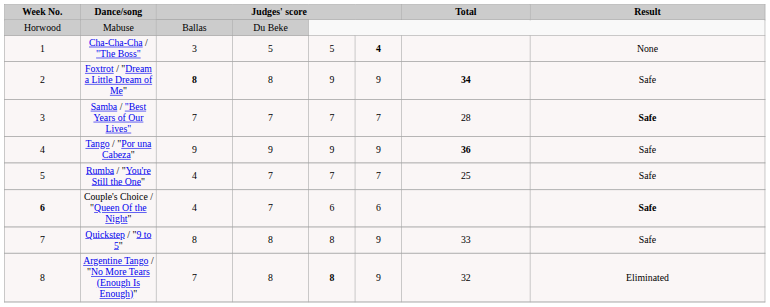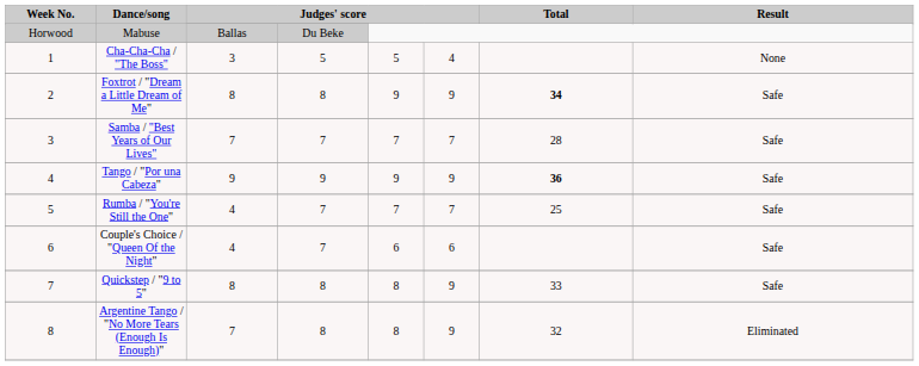 <table | class="wikitable collapsible collapsed">
 <tr>
 <td rowspan="2" bgcolor="CCCCCC" align="Center"><strong>Week No.</strong></td>
 <td rowspan="2" bgcolor="CCCCCC" align="Center"><strong>Dance/song</strong></td>
 <td colspan="4" bgcolor="CCCCCC" align="Center"><strong>Judges' score</strong></td>
 <td rowspan="2" bgcolor="CCCCCC" align="Center"><strong>Total</strong></td>
 <td rowspan="2" bgcolor="CCCCCC" align="Center"><strong>Result</strong></td>
 </tr>
 <tr>
 </tr>
 <tr>
 <td bgcolor="CCCCCC" width="10%" align="center">Horwood</td>
 <td bgcolor="CCCCCC" width="10%" align="center">Mabuse</td>
 <td bgcolor="CCCCCC" width="10%" align="center">Ballas</td>
 <td bgcolor="CCCCCC" width="10%" align="center">Du Beke</td>
 </tr>
 <tr>
 </tr>
 <tr>
 <td align="center" bgcolor="FAF6F6">1</td>
 <td align="center" bgcolor="FAF6F6"><a href='#'>Cha-Cha-Cha</a> / <a href='#'>"The Boss"</a></td>
 <td align="center" bgcolor="FAF6F6">3</td>
 <td align="center" bgcolor="FAF6F6">5</td>
 <td align="center" bgcolor="FAF6F6">5</td>
-<td align="center" bgcolor="FAF6F6"><strong>4</strong></td>
+<td align="center" bgcolor="FAF6F6">4</td>
 <td align="center" bgcolor="FAF6F6"></td>
 <td align="center" bgcolor="FAF6F6">None</td>
 </tr>
 <tr>
 </tr>
 <tr>
 <td align="center" bgcolor="FAF6F6">2</td>
 <td align="center" bgcolor="FAF6F6"><a href='#'>Foxtrot</a> / "<a href='#'>Dream a Little Dream of Me</a>"</td>
-<td align="center" bgcolor="FAF6F6"><strong>8</strong></td>
+<td align="center" bgcolor="FAF6F6">8</td>
 <td align="center" bgcolor="FAF6F6">8</td>
 <td align="center" bgcolor="FAF6F6">9</td>
 <td align="center" bgcolor="FAF6F6">9</td>
 <td align="center" bgcolor="FAF6F6"><span><strong>34</strong></span></td>
 <td align="center" bgcolor="FAF6F6">Safe</td>
 </tr>
 <tr>
 </tr>
 <tr>
 <td align="center" bgcolor="FAF6F6">3</td>
 <td align="center" bgcolor="FAF6F6"><a href='#'>Samba</a> / <a href='#'>"Best Years of Our Lives"</a></td>
 <td align="center" bgcolor="FAF6F6">7</td>
 <td align="center" bgcolor="FAF6F6">7</td>
 <td align="center" bgcolor="FAF6F6">7</td>
 <td align="center" bgcolor="FAF6F6">7</td>
 <td align="center" bgcolor="FAF6F6">28</td>
-<td align="center" bgcolor="FAF6F6"><strong>Safe</strong></td>
+<td align="center" bgcolor="FAF6F6">Safe</td>
 </tr>
 <tr>
 </tr>
 <tr>
 <td align="center" bgcolor="FAF6F6">4</td>
 <td align="center" bgcolor="FAF6F6"><a href='#'>Tango</a> / "<a href='#'>Por una Cabeza</a>"</td>
 <td align="center" bgcolor="FAF6F6">9</td>
 <td align="center" bgcolor="FAF6F6">9</td>
 <td align="center" bgcolor="FAF6F6">9</td>
 <td align="center" bgcolor="FAF6F6">9</td>
 <td align="center" bgcolor="FAF6F6"><span><strong>36</strong></span></td>
 <td align="center" bgcolor="FAF6F6">Safe</td>
 </tr>
 <tr>
 </tr>
 <tr>
 <td align="center" bgcolor="FAF6F6">5</td>
 <td align="center" bgcolor="FAF6F6"><a href='#'>Rumba</a> / "<a href='#'>You're Still the One</a>"</td>
 <td align="center" bgcolor="FAF6F6">4</td>
 <td align="center" bgcolor="FAF6F6">7</td>
 <td align="center" bgcolor="FAF6F6">7</td>
 <td align="center" bgcolor="FAF6F6">7</td>
 <td align="center" bgcolor="FAF6F6">25</td>
 <td align="center" bgcolor="FAF6F6">Safe</td>
 </tr>
 <tr>
 </tr>
 <tr>
-<td align="center" bgcolor="FAF6F6"><strong>6</strong></td>
+<td align="center" bgcolor="FAF6F6">6</td>
 <td align="center" bgcolor="FAF6F6">Couple's Choice / "<a href='#'>Queen Of the Night</a>"</td>
 <td align="center" bgcolor="FAF6F6">4</td>
 <td align="center" bgcolor="FAF6F6">7</td>
 <td align="center" bgcolor="FAF6F6">6</td>
 <td align="center" bgcolor="FAF6F6">6</td>
 <td align="center" bgcolor="FAF6F6"></td>
-<td align="center" bgcolor="FAF6F6"><strong>Safe</strong></td>
+<td align="center" bgcolor="FAF6F6">Safe</td>
 </tr>
 <tr>
 </tr>
 <tr>
 <td align="center" bgcolor="FAF6F6">7</td>
 <td align="center" bgcolor="FAF6F6"><a href='#'>Quickstep</a> / "<a href='#'>9 to 5</a>"</td>
 <td align="center" bgcolor="FAF6F6">8</td>
 <td align="center" bgcolor="FAF6F6">8</td>
 <td align="center" bgcolor="FAF6F6">8</td>
 <td align="center" bgcolor="FAF6F6">9</td>
 <td align="center" bgcolor="FAF6F6">33</td>
 <td align="center" bgcolor="FAF6F6">Safe</td>
 </tr>
 <tr>
 </tr>
 <tr>
 <td align="center" bgcolor="FAF6F6">8</td>
 <td align="center" bgcolor="FAF6F6"><a href='#'>Argentine Tango</a> / "<a href='#'>No More Tears (Enough Is Enough)</a>"</td>
 <td align="center" bgcolor="FAF6F6">7</td>
 <td align="center" bgcolor="FAF6F6">8</td>
-<td align="center" bgcolor="FAF6F6"><strong>8</strong></td>
+<td align="center" bgcolor="FAF6F6">8</td>
 <td align="center" bgcolor="FAF6F6">9</td>
 <td align="center" bgcolor="FAF6F6">32</td>
 <td align="center" bgcolor="FAF6F6">Eliminated</td>
 </tr>
 <tr>
 </tr>
 </table>
